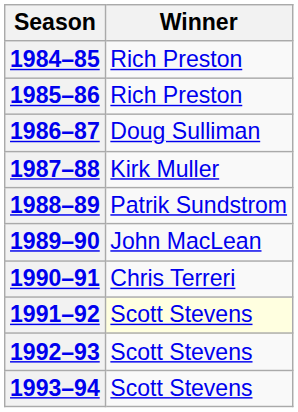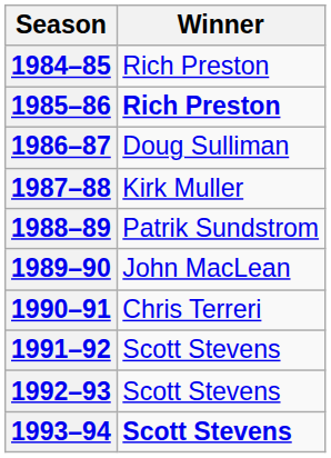 <table class="wikitable">
 <tr>
 <th scope="col">Season</th>
 <th scope="col">Winner</th>
 </tr>
 <tr>
 <th scope="row"><a href='#'>1984–85</a></th>
 <td><a href='#'>Rich Preston</a></td>
 </tr>
 <tr>
 <th scope="row"><a href='#'>1985–86</a></th>
-<td><a href='#'>Rich Preston</a></td>
+<td><strong><a href='#'>Rich Preston</a></strong></td>
 </tr>
 <tr>
 <th scope="row"><a href='#'>1986–87</a></th>
 <td><a href='#'>Doug Sulliman</a></td>
 </tr>
 <tr>
 <th scope="row"><a href='#'>1987–88</a></th>
 <td><a href='#'>Kirk Muller</a></td>
 </tr>
 <tr>
 <th scope="row"><a href='#'>1988–89</a></th>
 <td><a href='#'>Patrik Sundstrom</a></td>
 </tr>
 <tr>
 <th scope="row"><a href='#'>1989–90</a></th>
 <td><a href='#'>John MacLean</a></td>
 </tr>
 <tr>
 <th scope="row"><a href='#'>1990–91</a></th>
 <td><a href='#'>Chris Terreri</a></td>
 </tr>
 <tr>
 <th scope="row"><a href='#'>1991–92</a></th>
-<td style="background: lightyellow;"><a href='#'>Scott Stevens</a></td>
+<td><a href='#'>Scott Stevens</a></td>
 </tr>
 <tr>
 <th scope="row"><a href='#'>1992–93</a></th>
 <td><a href='#'>Scott Stevens</a></td>
 </tr>
 <tr>
 <th scope="row"><a href='#'>1993–94</a></th>
-<td><a href='#'>Scott Stevens</a></td>
+<td><strong><a href='#'>Scott Stevens</a></strong></td>
 </tr>
 </table>
